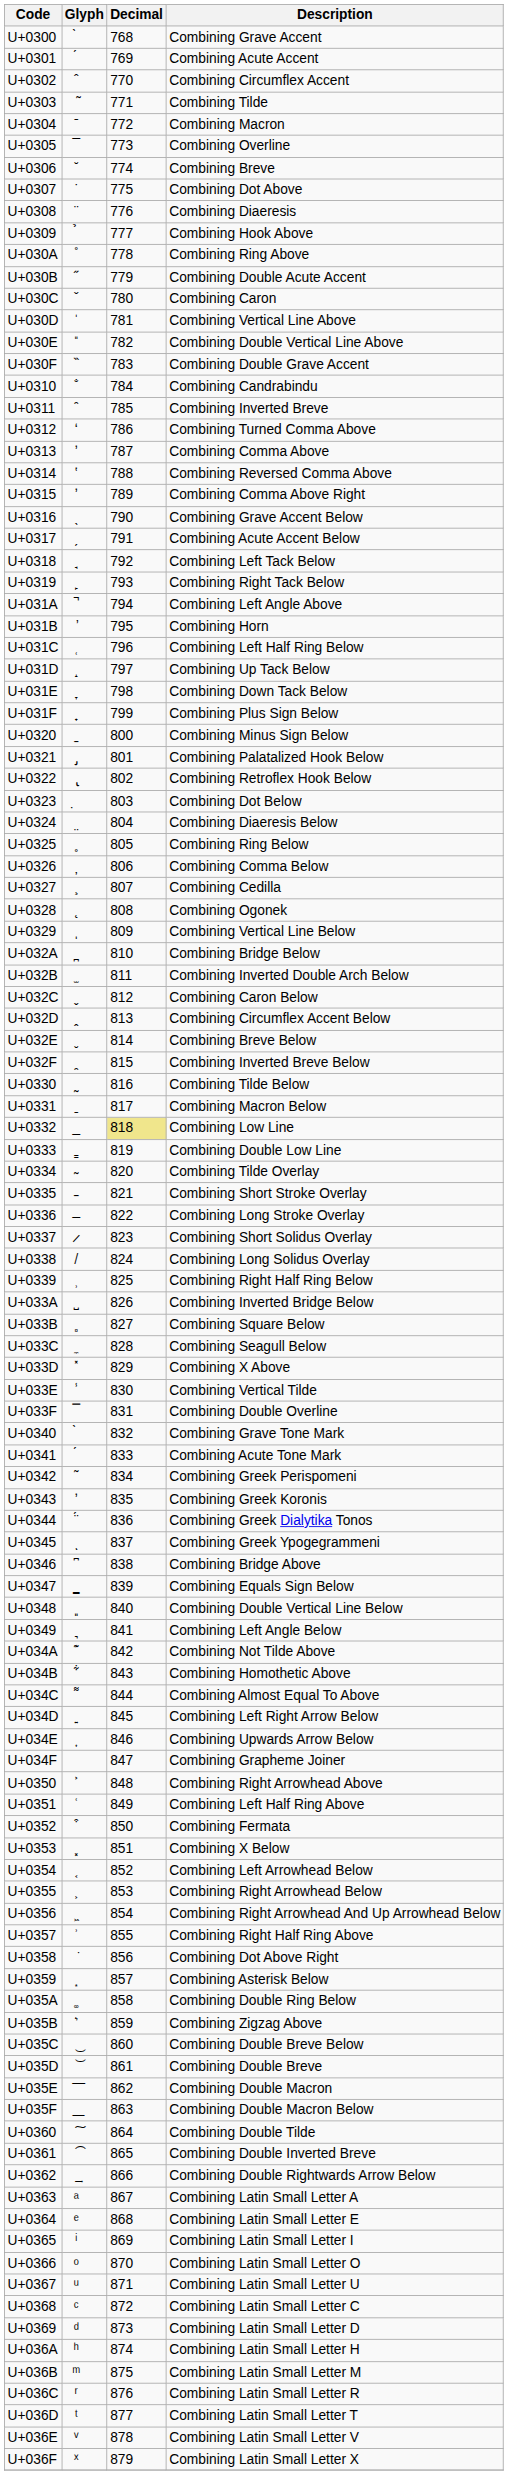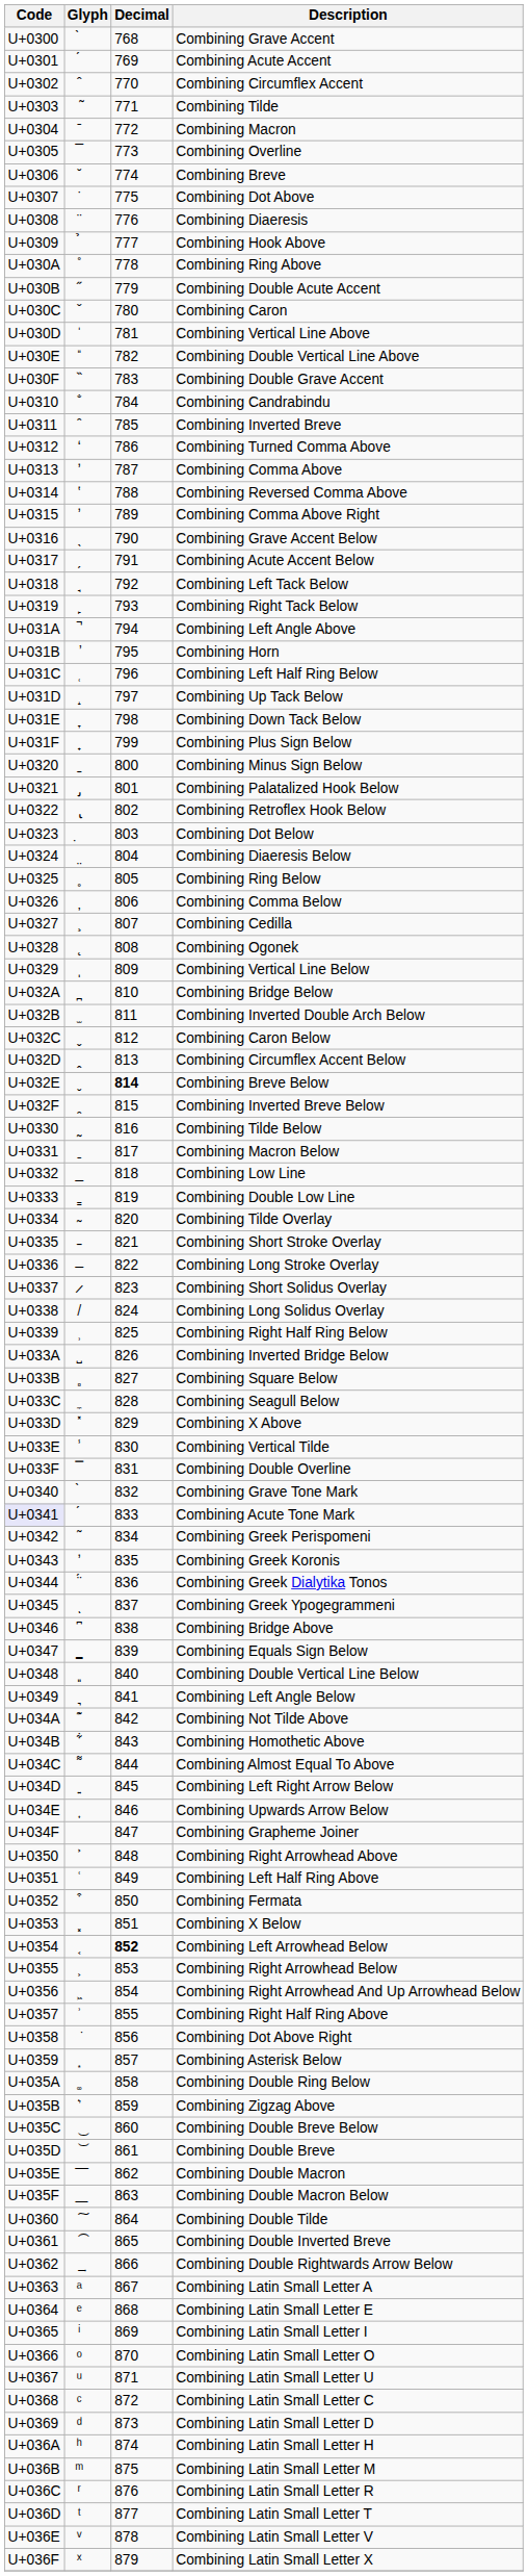 <table class="wikitable sortable collapsible">
 <tr>
 <th>Code</th>
 <th>Glyph</th>
 <th>Decimal</th>
 <th>Description</th>
 </tr>
 <tr>
 <td>U+0300</td>
 <td>   ̀</td>
 <td>768</td>
 <td>Combining Grave Accent</td>
 </tr>
 <tr>
 <td>U+0301</td>
 <td>   ́</td>
 <td>769</td>
 <td>Combining Acute Accent</td>
 </tr>
 <tr>
 <td>U+0302</td>
 <td>   ̂</td>
 <td>770</td>
 <td>Combining Circumflex Accent</td>
 </tr>
 <tr>
 <td>U+0303</td>
 <td>   ̃</td>
 <td>771</td>
 <td>Combining Tilde</td>
 </tr>
 <tr>
 <td>U+0304</td>
 <td>   ̄</td>
 <td>772</td>
 <td>Combining Macron</td>
 </tr>
 <tr>
 <td>U+0305</td>
 <td>   ̅</td>
 <td>773</td>
 <td>Combining Overline</td>
 </tr>
 <tr>
 <td>U+0306</td>
 <td>   ̆</td>
 <td>774</td>
 <td>Combining Breve</td>
 </tr>
 <tr>
 <td>U+0307</td>
 <td>   ̇</td>
 <td>775</td>
 <td>Combining Dot Above</td>
 </tr>
 <tr>
 <td>U+0308</td>
 <td>   ̈</td>
 <td>776</td>
 <td>Combining Diaeresis</td>
 </tr>
 <tr>
 <td>U+0309</td>
 <td>   ̉</td>
 <td>777</td>
 <td>Combining Hook Above</td>
 </tr>
 <tr>
 <td>U+030A</td>
 <td>   ̊</td>
 <td>778</td>
 <td>Combining Ring Above</td>
 </tr>
 <tr>
 <td>U+030B</td>
 <td>   ̋</td>
 <td>779</td>
 <td>Combining Double Acute Accent</td>
 </tr>
 <tr>
 <td>U+030C</td>
 <td>   ̌</td>
 <td>780</td>
 <td>Combining Caron</td>
 </tr>
 <tr>
 <td>U+030D</td>
 <td>   ̍</td>
 <td>781</td>
 <td>Combining Vertical Line Above</td>
 </tr>
 <tr>
 <td>U+030E</td>
 <td>   ̎</td>
 <td>782</td>
 <td>Combining Double Vertical Line Above</td>
 </tr>
 <tr>
 <td>U+030F</td>
 <td>   ̏</td>
 <td>783</td>
 <td>Combining Double Grave Accent</td>
 </tr>
 <tr>
 <td>U+0310</td>
 <td>   ̐</td>
 <td>784</td>
 <td>Combining Candrabindu</td>
 </tr>
 <tr>
 <td>U+0311</td>
 <td>   ̑</td>
 <td>785</td>
 <td>Combining Inverted Breve</td>
 </tr>
 <tr>
 <td>U+0312</td>
 <td>   ̒</td>
 <td>786</td>
 <td>Combining Turned Comma Above</td>
 </tr>
 <tr>
 <td>U+0313</td>
 <td>   ̓</td>
 <td>787</td>
 <td>Combining Comma Above</td>
 </tr>
 <tr>
 <td>U+0314</td>
 <td>   ̔</td>
 <td>788</td>
 <td>Combining Reversed Comma Above</td>
 </tr>
 <tr>
 <td>U+0315</td>
 <td>   ̕</td>
 <td>789</td>
 <td>Combining Comma Above Right</td>
 </tr>
 <tr>
 <td>U+0316</td>
 <td>   ̖</td>
 <td>790</td>
 <td>Combining Grave Accent Below</td>
 </tr>
 <tr>
 <td>U+0317</td>
 <td>   ̗</td>
 <td>791</td>
 <td>Combining Acute Accent Below</td>
 </tr>
 <tr>
 <td>U+0318</td>
 <td>   ̘</td>
 <td>792</td>
 <td>Combining Left Tack Below</td>
 </tr>
 <tr>
 <td>U+0319</td>
 <td>   ̙</td>
 <td>793</td>
 <td>Combining Right Tack Below</td>
 </tr>
 <tr>
 <td>U+031A</td>
 <td>   ̚</td>
 <td>794</td>
 <td>Combining Left Angle Above</td>
 </tr>
 <tr>
 <td>U+031B</td>
 <td>   ̛</td>
 <td>795</td>
 <td>Combining Horn</td>
 </tr>
 <tr>
 <td>U+031C</td>
 <td>   ̜</td>
 <td>796</td>
 <td>Combining Left Half Ring Below</td>
 </tr>
 <tr>
 <td>U+031D</td>
 <td>   ̝</td>
 <td>797</td>
 <td>Combining Up Tack Below</td>
 </tr>
 <tr>
 <td>U+031E</td>
 <td>   ̞</td>
 <td>798</td>
 <td>Combining Down Tack Below</td>
 </tr>
 <tr>
 <td>U+031F</td>
 <td>   ̟</td>
 <td>799</td>
 <td>Combining Plus Sign Below</td>
 </tr>
 <tr>
 <td>U+0320</td>
 <td>   ̠</td>
 <td>800</td>
 <td>Combining Minus Sign Below</td>
 </tr>
 <tr>
 <td>U+0321</td>
 <td>   ̡</td>
 <td>801</td>
 <td>Combining Palatalized Hook Below</td>
 </tr>
 <tr>
 <td>U+0322</td>
 <td>   ̢</td>
 <td>802</td>
 <td>Combining Retroflex Hook Below</td>
 </tr>
 <tr>
 <td>U+0323</td>
 <td>   ̣</td>
 <td>803</td>
 <td>Combining Dot Below</td>
 </tr>
 <tr>
 <td>U+0324</td>
 <td>   ̤</td>
 <td>804</td>
 <td>Combining Diaeresis Below</td>
 </tr>
 <tr>
 <td>U+0325</td>
 <td>   ̥</td>
 <td>805</td>
 <td>Combining Ring Below</td>
 </tr>
 <tr>
 <td>U+0326</td>
 <td>   ̦</td>
 <td>806</td>
 <td>Combining Comma Below</td>
 </tr>
 <tr>
 <td>U+0327</td>
 <td>   ̧</td>
 <td>807</td>
 <td>Combining Cedilla</td>
 </tr>
 <tr>
 <td>U+0328</td>
 <td>   ̨</td>
 <td>808</td>
 <td>Combining Ogonek</td>
 </tr>
 <tr>
 <td>U+0329</td>
 <td>   ̩</td>
 <td>809</td>
 <td>Combining Vertical Line Below</td>
 </tr>
 <tr>
 <td>U+032A</td>
 <td>   ̪</td>
 <td>810</td>
 <td>Combining Bridge Below</td>
 </tr>
 <tr>
 <td>U+032B</td>
 <td>   ̫</td>
 <td>811</td>
 <td>Combining Inverted Double Arch Below</td>
 </tr>
 <tr>
 <td>U+032C</td>
 <td>   ̬</td>
 <td>812</td>
 <td>Combining Caron Below</td>
 </tr>
 <tr>
 <td>U+032D</td>
 <td>   ̭</td>
 <td>813</td>
 <td>Combining Circumflex Accent Below</td>
 </tr>
 <tr>
 <td>U+032E</td>
 <td>   ̮</td>
-<td>814</td>
+<td><strong>814</strong></td>
 <td>Combining Breve Below</td>
 </tr>
 <tr>
 <td>U+032F</td>
 <td>   ̯</td>
 <td>815</td>
 <td>Combining Inverted Breve Below</td>
 </tr>
 <tr>
 <td>U+0330</td>
 <td>   ̰</td>
 <td>816</td>
 <td>Combining Tilde Below</td>
 </tr>
 <tr>
 <td>U+0331</td>
 <td>   ̱</td>
 <td>817</td>
 <td>Combining Macron Below</td>
 </tr>
 <tr>
 <td>U+0332</td>
 <td>   ̲</td>
-<td style="background: khaki;">818</td>
+<td>818</td>
 <td>Combining Low Line</td>
 </tr>
 <tr>
 <td>U+0333</td>
 <td>   ̳</td>
 <td>819</td>
 <td>Combining Double Low Line</td>
 </tr>
 <tr>
 <td>U+0334</td>
 <td>   ̴</td>
 <td>820</td>
 <td>Combining Tilde Overlay</td>
 </tr>
 <tr>
 <td>U+0335</td>
 <td>   ̵</td>
 <td>821</td>
 <td>Combining Short Stroke Overlay</td>
 </tr>
 <tr>
 <td>U+0336</td>
 <td>   ̶</td>
 <td>822</td>
 <td>Combining Long Stroke Overlay</td>
 </tr>
 <tr>
 <td>U+0337</td>
 <td>   ̷</td>
 <td>823</td>
 <td>Combining Short Solidus Overlay</td>
 </tr>
 <tr>
 <td>U+0338</td>
 <td>   ̸</td>
 <td>824</td>
 <td>Combining Long Solidus Overlay</td>
 </tr>
 <tr>
 <td>U+0339</td>
 <td>   ̹</td>
 <td>825</td>
 <td>Combining Right Half Ring Below</td>
 </tr>
 <tr>
 <td>U+033A</td>
 <td>   ̺</td>
 <td>826</td>
 <td>Combining Inverted Bridge Below</td>
 </tr>
 <tr>
 <td>U+033B</td>
 <td>   ̻</td>
 <td>827</td>
 <td>Combining Square Below</td>
 </tr>
 <tr>
 <td>U+033C</td>
 <td>   ̼</td>
 <td>828</td>
 <td>Combining Seagull Below</td>
 </tr>
 <tr>
 <td>U+033D</td>
 <td>   ̽</td>
 <td>829</td>
 <td>Combining X Above</td>
 </tr>
 <tr>
 <td>U+033E</td>
 <td>   ̾</td>
 <td>830</td>
 <td>Combining Vertical Tilde</td>
 </tr>
 <tr>
 <td>U+033F</td>
 <td>   ̿</td>
 <td>831</td>
 <td>Combining Double Overline</td>
 </tr>
 <tr>
 <td>U+0340</td>
 <td>   ̀</td>
 <td>832</td>
 <td>Combining Grave Tone Mark</td>
 </tr>
 <tr>
-<td>U+0341</td>
+<td style="background: lavender;">U+0341</td>
 <td>   ́</td>
 <td>833</td>
 <td>Combining Acute Tone Mark</td>
 </tr>
 <tr>
 <td>U+0342</td>
 <td>   ͂</td>
 <td>834</td>
 <td>Combining Greek Perispomeni</td>
 </tr>
 <tr>
 <td>U+0343</td>
 <td>   ̓</td>
 <td>835</td>
 <td>Combining Greek Koronis</td>
 </tr>
 <tr>
 <td>U+0344</td>
 <td>   ̈́</td>
 <td>836</td>
 <td>Combining Greek <a href='#'>Dialytika</a> Tonos</td>
 </tr>
 <tr>
 <td>U+0345</td>
 <td>   ͅ</td>
 <td>837</td>
 <td>Combining Greek Ypogegrammeni</td>
 </tr>
 <tr>
 <td>U+0346</td>
 <td>   ͆</td>
 <td>838</td>
 <td>Combining Bridge Above</td>
 </tr>
 <tr>
 <td>U+0347</td>
 <td>   ͇</td>
 <td>839</td>
 <td>Combining Equals Sign Below</td>
 </tr>
 <tr>
 <td>U+0348</td>
 <td>   ͈</td>
 <td>840</td>
 <td>Combining Double Vertical Line Below</td>
 </tr>
 <tr>
 <td>U+0349</td>
 <td>   ͉</td>
 <td>841</td>
 <td>Combining Left Angle Below</td>
 </tr>
 <tr>
 <td>U+034A</td>
 <td>   ͊</td>
 <td>842</td>
 <td>Combining Not Tilde Above</td>
 </tr>
 <tr>
 <td>U+034B</td>
 <td>   ͋</td>
 <td>843</td>
 <td>Combining Homothetic Above</td>
 </tr>
 <tr>
 <td>U+034C</td>
 <td>   ͌</td>
 <td>844</td>
 <td>Combining Almost Equal To Above</td>
 </tr>
 <tr>
 <td>U+034D</td>
 <td>   ͍</td>
 <td>845</td>
 <td>Combining Left Right Arrow Below</td>
 </tr>
 <tr>
 <td>U+034E</td>
 <td>   ͎</td>
 <td>846</td>
 <td>Combining Upwards Arrow Below</td>
 </tr>
 <tr>
 <td>U+034F</td>
 <td>   ͏</td>
 <td>847</td>
 <td>Combining Grapheme Joiner</td>
 </tr>
 <tr>
 <td>U+0350</td>
 <td>   ͐</td>
 <td>848</td>
 <td>Combining Right Arrowhead Above</td>
 </tr>
 <tr>
 <td>U+0351</td>
 <td>   ͑</td>
 <td>849</td>
 <td>Combining Left Half Ring Above</td>
 </tr>
 <tr>
 <td>U+0352</td>
 <td>   ͒</td>
 <td>850</td>
 <td>Combining Fermata</td>
 </tr>
 <tr>
 <td>U+0353</td>
 <td>   ͓</td>
 <td>851</td>
 <td>Combining X Below</td>
 </tr>
 <tr>
 <td>U+0354</td>
 <td>   ͔</td>
-<td>852</td>
+<td><strong>852</strong></td>
 <td>Combining Left Arrowhead Below</td>
 </tr>
 <tr>
 <td>U+0355</td>
 <td>   ͕</td>
 <td>853</td>
 <td>Combining Right Arrowhead Below</td>
 </tr>
 <tr>
 <td>U+0356</td>
 <td>   ͖</td>
 <td>854</td>
 <td>Combining Right Arrowhead And Up Arrowhead Below</td>
 </tr>
 <tr>
 <td>U+0357</td>
 <td>   ͗</td>
 <td>855</td>
 <td>Combining Right Half Ring Above</td>
 </tr>
 <tr>
 <td>U+0358</td>
 <td>   ͘</td>
 <td>856</td>
 <td>Combining Dot Above Right</td>
 </tr>
 <tr>
 <td>U+0359</td>
 <td>   ͙</td>
 <td>857</td>
 <td>Combining Asterisk Below</td>
 </tr>
 <tr>
 <td>U+035A</td>
 <td>   ͚</td>
 <td>858</td>
 <td>Combining Double Ring Below</td>
 </tr>
 <tr>
 <td>U+035B</td>
 <td>   ͛</td>
 <td>859</td>
 <td>Combining Zigzag Above</td>
 </tr>
 <tr>
 <td>U+035C</td>
 <td>   ͜</td>
 <td>860</td>
 <td>Combining Double Breve Below</td>
 </tr>
 <tr>
 <td>U+035D</td>
 <td>   ͝</td>
 <td>861</td>
 <td>Combining Double Breve</td>
 </tr>
 <tr>
 <td>U+035E</td>
 <td>   ͞</td>
 <td>862</td>
 <td>Combining Double Macron</td>
 </tr>
 <tr>
 <td>U+035F</td>
 <td>   ͟</td>
 <td>863</td>
 <td>Combining Double Macron Below</td>
 </tr>
 <tr>
 <td>U+0360</td>
 <td>   ͠</td>
 <td>864</td>
 <td>Combining Double Tilde</td>
 </tr>
 <tr>
 <td>U+0361</td>
 <td>   ͡</td>
 <td>865</td>
 <td>Combining Double Inverted Breve</td>
 </tr>
 <tr>
 <td>U+0362</td>
 <td>   ͢</td>
 <td>866</td>
 <td>Combining Double Rightwards Arrow Below</td>
 </tr>
 <tr>
 <td>U+0363</td>
 <td>   ͣ</td>
 <td>867</td>
 <td>Combining Latin Small Letter A</td>
 </tr>
 <tr>
 <td>U+0364</td>
 <td>   ͤ</td>
 <td>868</td>
 <td>Combining Latin Small Letter E</td>
 </tr>
 <tr>
 <td>U+0365</td>
 <td>   ͥ</td>
 <td>869</td>
 <td>Combining Latin Small Letter I</td>
 </tr>
 <tr>
 <td>U+0366</td>
 <td>   ͦ</td>
 <td>870</td>
 <td>Combining Latin Small Letter O</td>
 </tr>
 <tr>
 <td>U+0367</td>
 <td>   ͧ</td>
 <td>871</td>
 <td>Combining Latin Small Letter U</td>
 </tr>
 <tr>
 <td>U+0368</td>
 <td>   ͨ</td>
 <td>872</td>
 <td>Combining Latin Small Letter C</td>
 </tr>
 <tr>
 <td>U+0369</td>
 <td>   ͩ</td>
 <td>873</td>
 <td>Combining Latin Small Letter D</td>
 </tr>
 <tr>
 <td>U+036A</td>
 <td>   ͪ</td>
 <td>874</td>
 <td>Combining Latin Small Letter H</td>
 </tr>
 <tr>
 <td>U+036B</td>
 <td>   ͫ</td>
 <td>875</td>
 <td>Combining Latin Small Letter M</td>
 </tr>
 <tr>
 <td>U+036C</td>
 <td>   ͬ</td>
 <td>876</td>
 <td>Combining Latin Small Letter R</td>
 </tr>
 <tr>
 <td>U+036D</td>
 <td>   ͭ</td>
 <td>877</td>
 <td>Combining Latin Small Letter T</td>
 </tr>
 <tr>
 <td>U+036E</td>
 <td>   ͮ</td>
 <td>878</td>
 <td>Combining Latin Small Letter V</td>
 </tr>
 <tr>
 <td>U+036F</td>
 <td>   ͯ</td>
 <td>879</td>
 <td>Combining Latin Small Letter X</td>
 </tr>
 <tr>
 </tr>
 </table>
